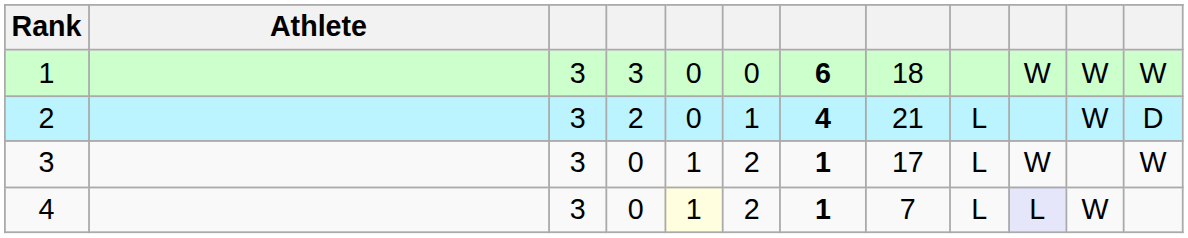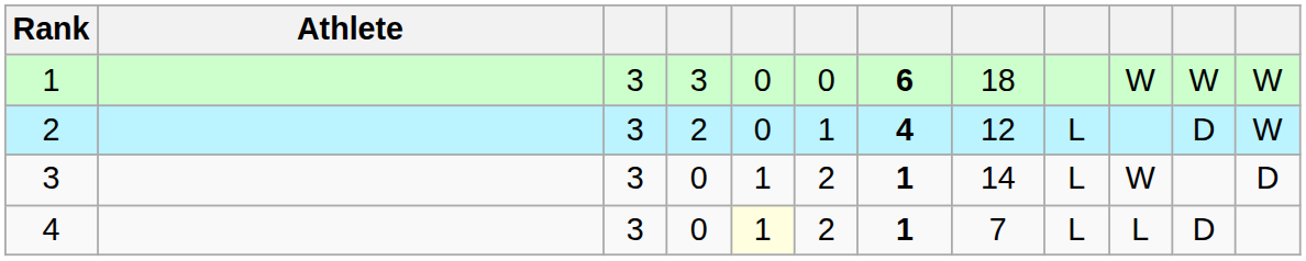 <table class="wikitable" style="text-align: center;">
 <tr>
 <th width=25>Rank</th>
 <th width=250>Athlete</th>
 <th width=25></th>
 <th width=25></th>
 <th width=25></th>
 <th width=25></th>
 <th width=40></th>
 <th width=40></th>
 <th width=25></th>
 <th width=25></th>
 <th width=25></th>
 <th width=25></th>
 </tr>
 <tr bgcolor=ccffcc>
 <td>1</td>
 <td align=left></td>
 <td>3</td>
 <td>3</td>
 <td>0</td>
 <td>0</td>
 <td><strong>6</strong></td>
 <td>18</td>
 <td></td>
 <td>W</td>
 <td>W</td>
 <td>W</td>
 </tr>
 <tr bgcolor=bbf3ff>
 <td>2</td>
 <td align=left></td>
 <td>3</td>
 <td>2</td>
 <td>0</td>
 <td>1</td>
 <td><strong>4</strong></td>
-<td>21</td>
+<td>12</td>
 <td>L</td>
 <td></td>
+<td>D</td>
 <td>W</td>
-<td>D</td>
 </tr>
 <tr>
 <td>3</td>
 <td align=left></td>
 <td>3</td>
 <td>0</td>
 <td>1</td>
 <td>2</td>
 <td><strong>1</strong></td>
-<td>17</td>
+<td>14</td>
 <td>L</td>
 <td>W</td>
 <td></td>
-<td>W</td>
+<td>D</td>
 </tr>
 <tr>
 <td>4</td>
 <td align=left></td>
 <td>3</td>
 <td>0</td>
 <td style="background: lightyellow;">1</td>
 <td>2</td>
 <td><strong>1</strong></td>
 <td>7</td>
 <td>L</td>
-<td style="background: lavender;">L</td>
-<td>W</td>
+<td>L</td>
+<td>D</td>
 <td></td>
 </tr>
 </table>
